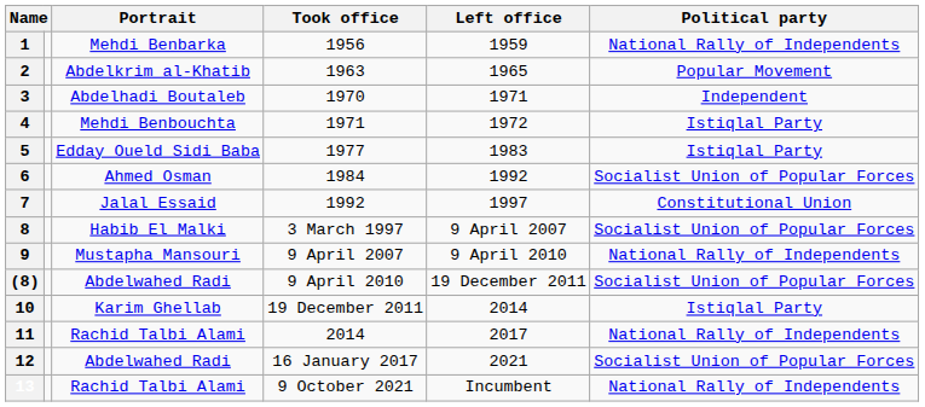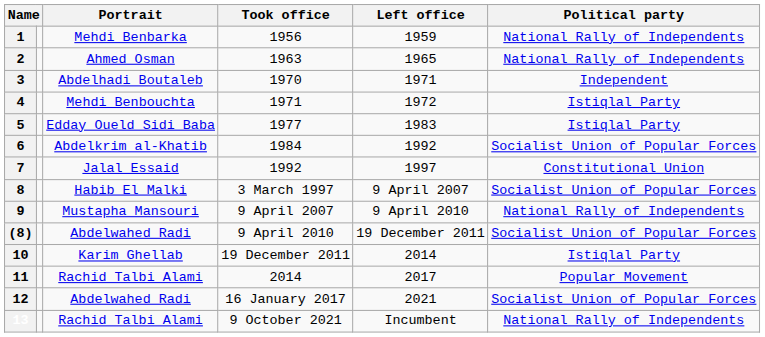 <table class="wikitable" style="text-align:center">
 <tr>
 <th colspan=2>Name</th>
 <th>Portrait</th>
 <th>Took office</th>
 <th>Left office</th>
 <th>Political party</th>
 </tr>
 <tr>
 <th style="background-color:">1</th>
 <td></td>
 <td><a href='#'>Mehdi Benbarka</a></td>
 <td>1956</td>
 <td>1959</td>
 <td><a href='#'>National Rally of Independents</a></td>
 </tr>
 <tr>
 <th style="background-color:">2</th>
 <td></td>
-<td><a href='#'>Abdelkrim al-Khatib</a></td>
+<td><a href='#'>Ahmed Osman</a></td>
 <td>1963</td>
 <td>1965</td>
-<td><a href='#'>Popular Movement</a></td>
+<td><a href='#'>National Rally of Independents</a></td>
 </tr>
 <tr>
 <th ! style="background: ">3</th>
 <td></td>
 <td><a href='#'>Abdelhadi Boutaleb</a></td>
 <td>1970</td>
 <td>1971</td>
 <td><a href='#'>Independent</a></td>
 </tr>
 <tr>
 <th style="background-color:">4</th>
 <td></td>
 <td><a href='#'>Mehdi Benbouchta</a></td>
 <td>1971</td>
 <td>1972</td>
 <td><a href='#'>Istiqlal Party</a></td>
 </tr>
 <tr>
 <th style="background-color:">5</th>
 <td></td>
 <td><a href='#'>Edday Oueld Sidi Baba</a></td>
 <td>1977</td>
 <td>1983</td>
 <td><a href='#'>Istiqlal Party</a></td>
 </tr>
 <tr>
 <th style="background-color:">6</th>
 <td></td>
-<td><a href='#'>Ahmed Osman</a></td>
+<td><a href='#'>Abdelkrim al-Khatib</a></td>
 <td>1984</td>
 <td>1992</td>
 <td><a href='#'>Socialist Union of Popular Forces</a></td>
 </tr>
 <tr>
 <th style="background-color:">7</th>
 <td></td>
 <td><a href='#'>Jalal Essaid</a></td>
 <td>1992</td>
 <td>1997</td>
 <td><a href='#'>Constitutional Union</a></td>
 </tr>
 <tr>
 <th style="background-color:">8</th>
 <td></td>
 <td><a href='#'>Habib El Malki</a></td>
 <td>3 March 1997</td>
 <td>9 April 2007</td>
 <td><a href='#'>Socialist Union of Popular Forces</a></td>
 </tr>
 <tr>
 <th style="background-color:">9</th>
 <td></td>
 <td><a href='#'>Mustapha Mansouri</a></td>
 <td>9 April 2007</td>
 <td>9 April 2010</td>
 <td><a href='#'>National Rally of Independents</a></td>
 </tr>
 <tr>
 <th style="background-color:">(8)</th>
 <td></td>
 <td><a href='#'>Abdelwahed Radi</a></td>
 <td>9 April 2010</td>
 <td>19 December 2011</td>
 <td><a href='#'>Socialist Union of Popular Forces</a></td>
 </tr>
 <tr>
 <th style="background-color:">10</th>
 <td></td>
 <td><a href='#'>Karim Ghellab</a></td>
 <td>19 December 2011</td>
 <td>2014</td>
 <td><a href='#'>Istiqlal Party</a></td>
 </tr>
 <tr>
 <th style="background-color:">11</th>
 <td></td>
 <td><a href='#'>Rachid Talbi Alami</a></td>
 <td>2014</td>
 <td>2017</td>
-<td><a href='#'>National Rally of Independents</a></td>
+<td><a href='#'>Popular Movement</a></td>
 </tr>
 <tr>
 <th style="background-color:">12</th>
 <td></td>
 <td><a href='#'>Abdelwahed Radi</a></td>
 <td>16 January 2017</td>
 <td>2021</td>
 <td><a href='#'>Socialist Union of Popular Forces</a></td>
 </tr>
 <tr>
 <th style="color:white;">13</th>
 <td></td>
 <td><a href='#'>Rachid Talbi Alami</a></td>
 <td>9 October 2021</td>
 <td>Incumbent</td>
 <td><a href='#'>National Rally of Independents</a></td>
 </tr>
 </table>
